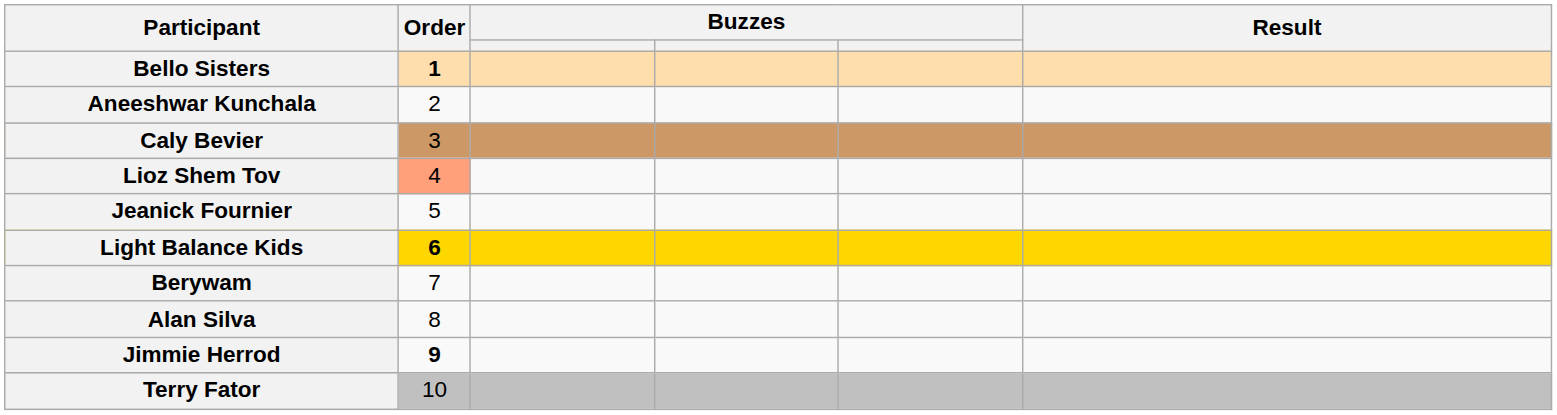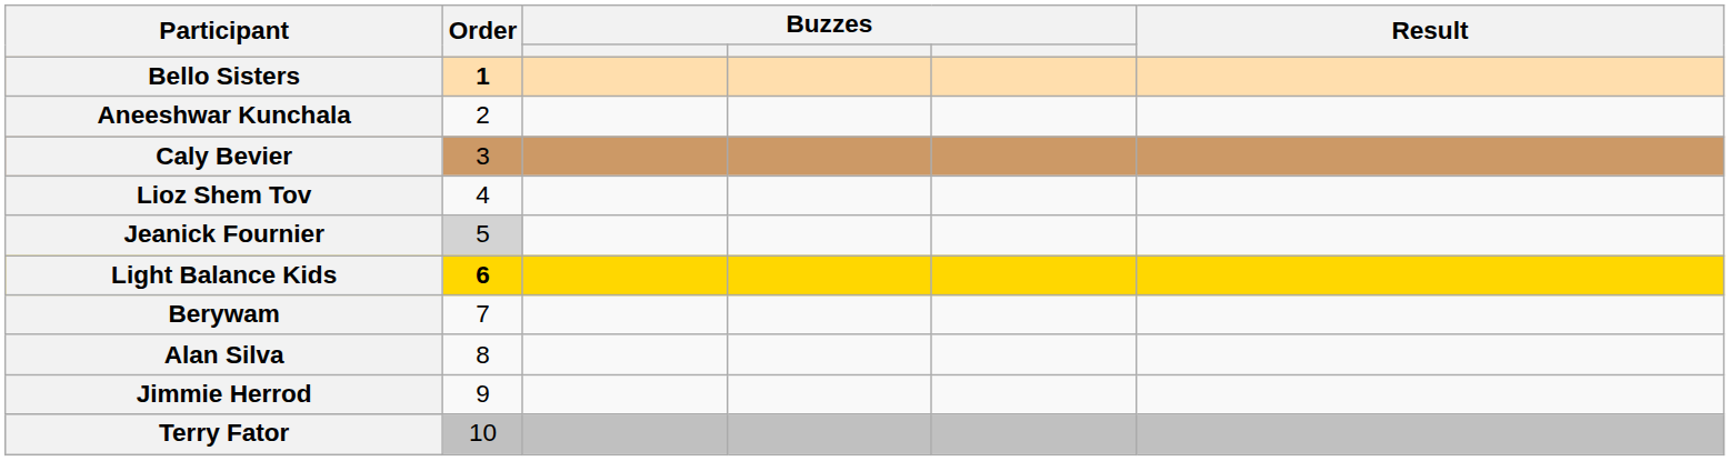 <table class="wikitable plainrowheaders sortable" style="text-align:center;">
 <tr>
 <th scope="col" rowspan="2" class="unsortable" style="width:17em;">Participant</th>
 <th scope="col" rowspan="2" style="width:1em;">Order</th>
 <th scope="col" colspan="3" class="unsortable" style="width:24em;">Buzzes</th>
 <th scope="col" rowspan="2" style="width:23em;">Result</th>
 </tr>
 <tr>
 <th scope="col" class="unsortable" style="width:6em;"></th>
 <th scope="col" class="unsortable" style="width:6em;"></th>
 <th scope="col" class="unsortable" style="width:6em;"></th>
 </tr>
 <tr bgcolor=navajowhite>
 <th scope="row"><strong>Bello Sisters</strong></th>
 <td><strong>1</strong></td>
 <td style="text-align:center;"></td>
 <td style="text-align:center;"></td>
 <td style="text-align:center;"></td>
 <td><strong></strong></td>
 </tr>
 <tr>
 <th scope="row">Aneeshwar Kunchala</th>
 <td>2</td>
 <td style="text-align:center;"></td>
 <td style="text-align:center;"></td>
 <td style="text-align:center;"></td>
 <td></td>
 </tr>
 <tr bgcolor=#c96>
 <th scope="row">Caly Bevier</th>
 <td>3</td>
 <td style="text-align:center;"></td>
 <td style="text-align:center;"></td>
 <td style="text-align:center;"></td>
 <td></td>
 </tr>
 <tr>
 <th scope="row">Lioz Shem Tov</th>
-<td style="background: lightsalmon;">4</td>
+<td>4</td>
 <td style="text-align:center;"></td>
 <td style="text-align:center;"></td>
 <td style="text-align:center;"></td>
 <td></td>
 </tr>
 <tr>
 <th scope="row">Jeanick Fournier</th>
-<td>5</td>
+<td style="background: lightgrey;">5</td>
 <td style="text-align:center;"></td>
 <td style="text-align:center;"></td>
 <td style="text-align:center;"></td>
 <td></td>
 </tr>
 <tr bgcolor=gold>
 <th scope="row"><strong>Light Balance Kids</strong></th>
 <td><strong>6</strong></td>
 <td style="text-align:center;"></td>
 <td style="text-align:center;"></td>
 <td style="text-align:center;"></td>
 <td><strong></strong></td>
 </tr>
 <tr>
 <th scope="row">Berywam</th>
 <td>7</td>
 <td style="text-align:center;"></td>
 <td style="text-align:center;"></td>
 <td style="text-align:center;"></td>
 <td></td>
 </tr>
 <tr>
 <th scope="row">Alan Silva</th>
 <td>8</td>
 <td style="text-align:center;"></td>
 <td style="text-align:center;"></td>
 <td style="text-align:center;"></td>
 <td></td>
 </tr>
 <tr>
 <th scope="row">Jimmie Herrod</th>
-<td><strong>9</strong></td>
+<td>9</td>
 <td style="text-align:center;"></td>
 <td style="text-align:center;"></td>
 <td style="text-align:center;"></td>
 <td></td>
 </tr>
 <tr bgcolor=silver>
 <th scope="row">Terry Fator</th>
 <td>10</td>
 <td style="text-align:center;"></td>
 <td style="text-align:center;"></td>
 <td style="text-align:center;"></td>
 <td></td>
 </tr>
 </table>
